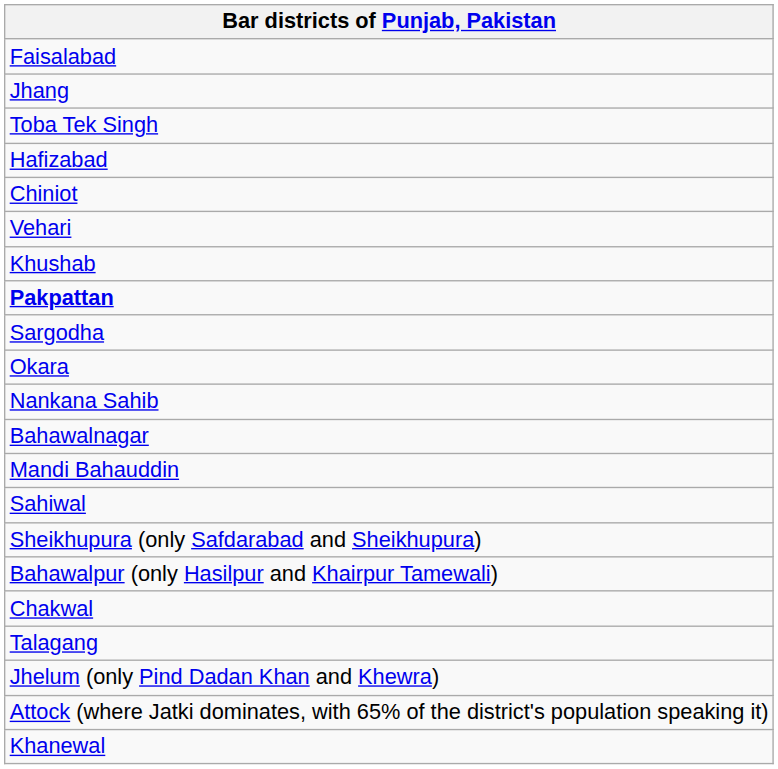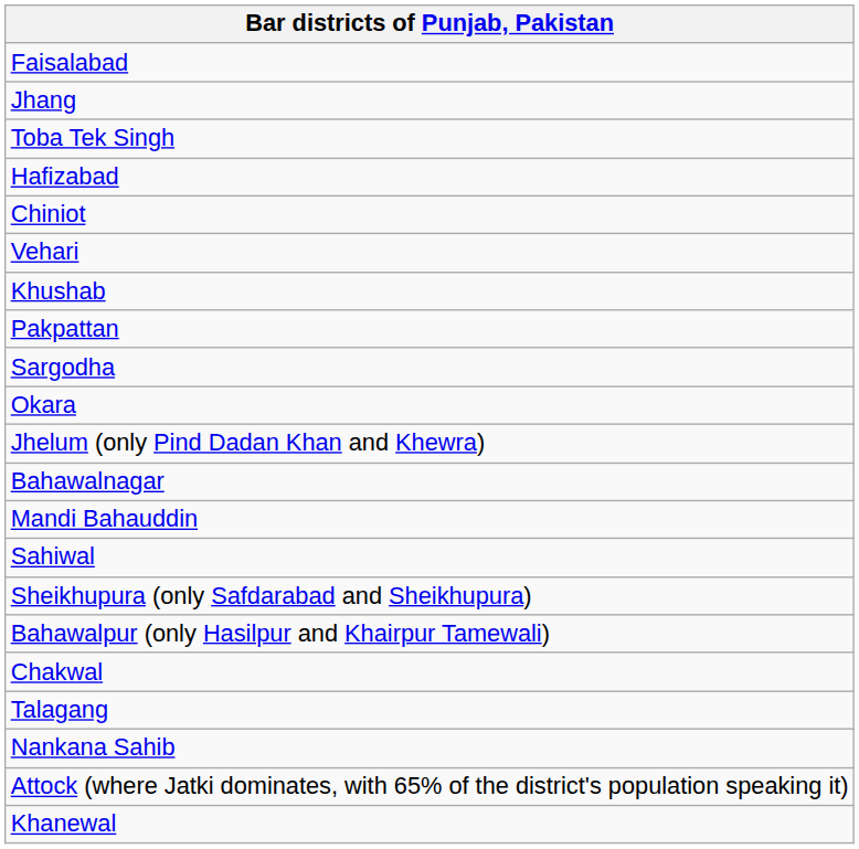 <table class="wikitable">
 <tr>
 <th>Bar districts of <a href='#'>Punjab, Pakistan</a></th>
 </tr>
 <tr>
 <td><a href='#'>Faisalabad</a></td>
 </tr>
 <tr>
 <td><a href='#'>Jhang</a></td>
 </tr>
 <tr>
 <td><a href='#'>Toba Tek Singh</a></td>
 </tr>
 <tr>
 <td><a href='#'>Hafizabad</a></td>
 </tr>
 <tr>
 <td><a href='#'>Chiniot</a></td>
 </tr>
 <tr>
 <td><a href='#'>Vehari</a></td>
 </tr>
 <tr>
 <td><a href='#'>Khushab</a></td>
 </tr>
 <tr>
-<td><strong><a href='#'>Pakpattan</a></strong></td>
+<td><a href='#'>Pakpattan</a></td>
 </tr>
 <tr>
 <td><a href='#'>Sargodha</a></td>
 </tr>
 <tr>
 <td><a href='#'>Okara</a></td>
 </tr>
 <tr>
-<td><a href='#'>Nankana Sahib</a></td>
+<td><a href='#'>Jhelum</a> (only <a href='#'>Pind Dadan Khan</a> and <a href='#'>Khewra</a>)</td>
 </tr>
 <tr>
 <td><a href='#'>Bahawalnagar</a></td>
 </tr>
 <tr>
 <td><a href='#'>Mandi Bahauddin</a></td>
 </tr>
 <tr>
 <td><a href='#'>Sahiwal</a></td>
 </tr>
 <tr>
 <td><a href='#'>Sheikhupura</a> (only <a href='#'>Safdarabad</a> and <a href='#'>Sheikhupura</a>)</td>
 </tr>
 <tr>
 <td><a href='#'>Bahawalpur</a> (only <a href='#'>Hasilpur</a> and <a href='#'>Khairpur Tamewali</a>)</td>
 </tr>
 <tr>
 <td><a href='#'>Chakwal</a></td>
 </tr>
 <tr>
 <td><a href='#'>Talagang</a></td>
 </tr>
 <tr>
-<td><a href='#'>Jhelum</a> (only <a href='#'>Pind Dadan Khan</a> and <a href='#'>Khewra</a>)</td>
+<td><a href='#'>Nankana Sahib</a></td>
 </tr>
 <tr>
 <td><a href='#'>Attock</a> (where Jatki dominates, with 65% of the district's population speaking it)</td>
 </tr>
 <tr>
 <td><a href='#'>Khanewal</a></td>
 </tr>
 </table>
